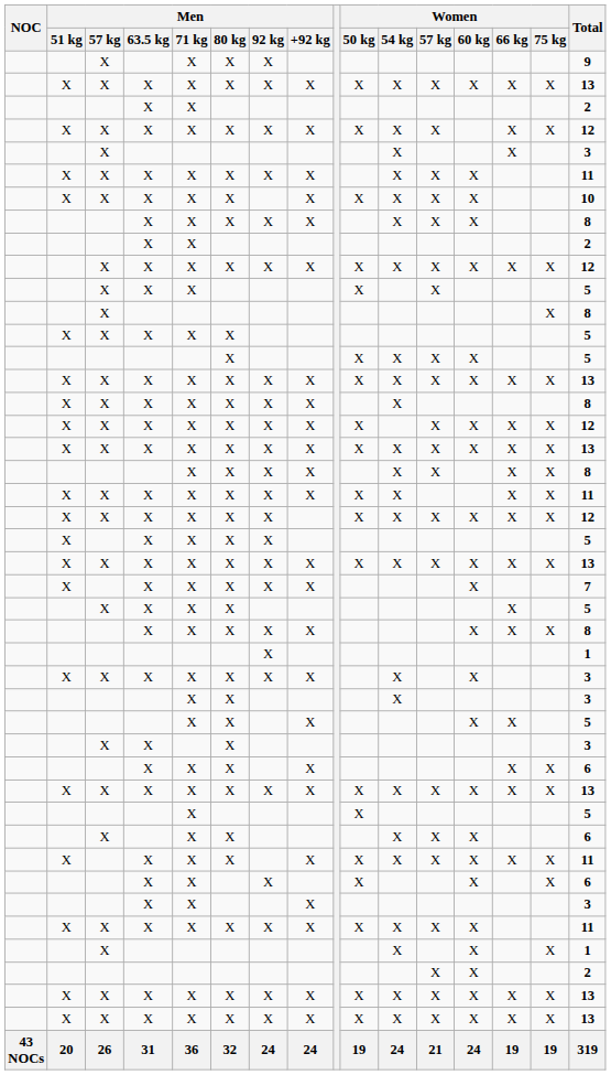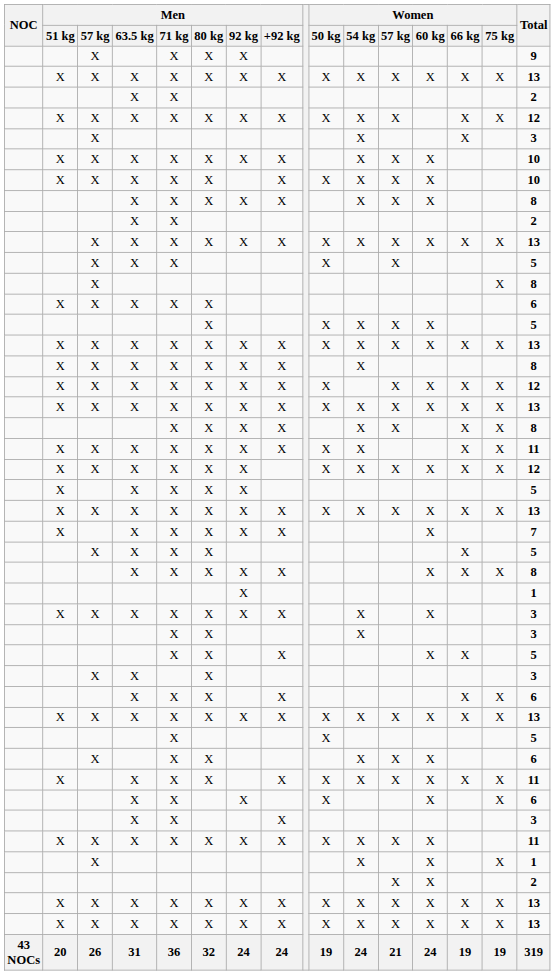 <table class="wikitable collapsible" style="text-align:center; font-size:90%">
 <tr>
 <th rowspan=2 width=170 align=left>NOC</th>
 <th colspan=7>Men</th>
 <th rowspan=46></th>
 <th colspan=6>Women</th>
 <th rowspan=2 width=40>Total</th>
 </tr>
 <tr>
 <th width=40>51 kg</th>
 <th width=40>57 kg</th>
 <th width=40>63.5 kg</th>
 <th width=40>71 kg</th>
 <th width=40>80 kg</th>
 <th width=40>92 kg</th>
 <th width=40>+92 kg</th>
 <th width=40>50 kg</th>
 <th width=40>54 kg</th>
 <th width=40>57 kg</th>
 <th width=40>60 kg</th>
 <th width=40>66 kg</th>
 <th width=40>75 kg</th>
 </tr>
 <tr>
 <td align=left></td>
 <td></td>
 <td>X</td>
 <td></td>
 <td>X</td>
 <td>X</td>
 <td>X</td>
 <td></td>
 <td></td>
 <td></td>
 <td></td>
 <td></td>
 <td></td>
 <td></td>
 <td><strong>9</strong></td>
 </tr>
 <tr>
 <td align=left></td>
 <td>X</td>
 <td>X</td>
 <td>X</td>
 <td>X</td>
 <td>X</td>
 <td>X</td>
 <td>X</td>
 <td>X</td>
 <td>X</td>
 <td>X</td>
 <td>X</td>
 <td>X</td>
 <td>X</td>
 <td><strong>13</strong></td>
 </tr>
 <tr>
 <td align=left></td>
 <td></td>
 <td></td>
 <td>X</td>
 <td>X</td>
 <td></td>
 <td></td>
 <td></td>
 <td></td>
 <td></td>
 <td></td>
 <td></td>
 <td></td>
 <td></td>
 <td><strong>2</strong></td>
 </tr>
 <tr>
 <td align=left></td>
 <td>X</td>
 <td>X</td>
 <td>X</td>
 <td>X</td>
 <td>X</td>
 <td>X</td>
 <td>X</td>
 <td>X</td>
 <td>X</td>
 <td>X</td>
 <td></td>
 <td>X</td>
 <td>X</td>
 <td><strong>12</strong></td>
 </tr>
 <tr>
 <td align=left></td>
 <td></td>
 <td>X</td>
 <td></td>
 <td></td>
 <td></td>
 <td></td>
 <td></td>
 <td></td>
 <td>X</td>
 <td></td>
 <td></td>
 <td>X</td>
 <td></td>
 <td><strong>3</strong></td>
 </tr>
 <tr>
 <td align=left></td>
 <td>X</td>
 <td>X</td>
 <td>X</td>
 <td>X</td>
 <td>X</td>
 <td>X</td>
 <td>X</td>
 <td></td>
 <td>X</td>
 <td>X</td>
 <td>X</td>
 <td></td>
 <td></td>
-<td><strong>11</strong></td>
+<td><strong>10</strong></td>
 </tr>
 <tr>
 <td align=left></td>
 <td>X</td>
 <td>X</td>
 <td>X</td>
 <td>X</td>
 <td>X</td>
 <td></td>
 <td>X</td>
 <td>X</td>
 <td>X</td>
 <td>X</td>
 <td>X</td>
 <td></td>
 <td></td>
 <td><strong>10</strong></td>
 </tr>
 <tr>
 <td align=left></td>
 <td></td>
 <td></td>
 <td>X</td>
 <td>X</td>
 <td>X</td>
 <td>X</td>
 <td>X</td>
 <td></td>
 <td>X</td>
 <td>X</td>
 <td>X</td>
 <td></td>
 <td></td>
 <td><strong>8</strong></td>
 </tr>
 <tr>
 <td align=left></td>
 <td></td>
 <td></td>
 <td>X</td>
 <td>X</td>
 <td></td>
 <td></td>
 <td></td>
 <td></td>
 <td></td>
 <td></td>
 <td></td>
 <td></td>
 <td></td>
 <td><strong>2</strong></td>
 </tr>
 <tr>
 <td align=left></td>
 <td></td>
 <td>X</td>
 <td>X</td>
 <td>X</td>
 <td>X</td>
 <td>X</td>
 <td>X</td>
 <td>X</td>
 <td>X</td>
 <td>X</td>
 <td>X</td>
 <td>X</td>
 <td>X</td>
-<td><strong>12</strong></td>
+<td><strong>13</strong></td>
 </tr>
 <tr>
 <td align=left></td>
 <td></td>
 <td>X</td>
 <td>X</td>
 <td>X</td>
 <td></td>
 <td></td>
 <td></td>
 <td>X</td>
 <td></td>
 <td>X</td>
 <td></td>
 <td></td>
 <td></td>
 <td><strong>5</strong></td>
 </tr>
 <tr>
 <td align=left></td>
 <td></td>
 <td>X</td>
 <td></td>
 <td></td>
 <td></td>
 <td></td>
 <td></td>
 <td></td>
 <td></td>
 <td></td>
 <td></td>
 <td></td>
 <td>X</td>
 <td><strong>8</strong></td>
 </tr>
 <tr>
 <td align=left></td>
 <td>X</td>
 <td>X</td>
 <td>X</td>
 <td>X</td>
 <td>X</td>
 <td></td>
 <td></td>
 <td></td>
 <td></td>
 <td></td>
 <td></td>
 <td></td>
 <td></td>
-<td><strong>5</strong></td>
+<td><strong>6</strong></td>
 </tr>
 <tr>
 <td align=left></td>
 <td></td>
 <td></td>
 <td></td>
 <td></td>
 <td>X</td>
 <td></td>
 <td></td>
 <td>X</td>
 <td>X</td>
 <td>X</td>
 <td>X</td>
 <td></td>
 <td></td>
 <td><strong>5</strong></td>
 </tr>
 <tr>
 <td align=left></td>
 <td>X</td>
 <td>X</td>
 <td>X</td>
 <td>X</td>
 <td>X</td>
 <td>X</td>
 <td>X</td>
 <td>X</td>
 <td>X</td>
 <td>X</td>
 <td>X</td>
 <td>X</td>
 <td>X</td>
 <td><strong>13</strong></td>
 </tr>
 <tr>
 <td align=left></td>
 <td>X</td>
 <td>X</td>
 <td>X</td>
 <td>X</td>
 <td>X</td>
 <td>X</td>
 <td>X</td>
 <td></td>
 <td>X</td>
 <td></td>
 <td></td>
 <td></td>
 <td></td>
 <td><strong>8</strong></td>
 </tr>
 <tr>
 <td align=left></td>
 <td>X</td>
 <td>X</td>
 <td>X</td>
 <td>X</td>
 <td>X</td>
 <td>X</td>
 <td>X</td>
 <td>X</td>
 <td></td>
 <td>X</td>
 <td>X</td>
 <td>X</td>
 <td>X</td>
 <td><strong>12</strong></td>
 </tr>
 <tr>
 <td align=left></td>
 <td>X</td>
 <td>X</td>
 <td>X</td>
 <td>X</td>
 <td>X</td>
 <td>X</td>
 <td>X</td>
 <td>X</td>
 <td>X</td>
 <td>X</td>
 <td>X</td>
 <td>X</td>
 <td>X</td>
 <td><strong>13</strong></td>
 </tr>
 <tr>
 <td align=left></td>
 <td></td>
 <td></td>
 <td></td>
 <td>X</td>
 <td>X</td>
 <td>X</td>
 <td>X</td>
 <td></td>
 <td>X</td>
 <td>X</td>
 <td></td>
 <td>X</td>
 <td>X</td>
 <td><strong>8</strong></td>
 </tr>
 <tr>
 <td align=left></td>
 <td>X</td>
 <td>X</td>
 <td>X</td>
 <td>X</td>
 <td>X</td>
 <td>X</td>
 <td>X</td>
 <td>X</td>
 <td>X</td>
 <td></td>
 <td></td>
 <td>X</td>
 <td>X</td>
 <td><strong>11</strong></td>
 </tr>
 <tr>
 <td align=left></td>
 <td>X</td>
 <td>X</td>
 <td>X</td>
 <td>X</td>
 <td>X</td>
 <td>X</td>
 <td></td>
 <td>X</td>
 <td>X</td>
 <td>X</td>
 <td>X</td>
 <td>X</td>
 <td>X</td>
 <td><strong>12</strong></td>
 </tr>
 <tr>
 <td align=left></td>
 <td>X</td>
 <td></td>
 <td>X</td>
 <td>X</td>
 <td>X</td>
 <td>X</td>
 <td></td>
 <td></td>
 <td></td>
 <td></td>
 <td></td>
 <td></td>
 <td></td>
 <td><strong>5</strong></td>
 </tr>
 <tr>
 <td align=left></td>
 <td>X</td>
 <td>X</td>
 <td>X</td>
 <td>X</td>
 <td>X</td>
 <td>X</td>
 <td>X</td>
 <td>X</td>
 <td>X</td>
 <td>X</td>
 <td>X</td>
 <td>X</td>
 <td>X</td>
 <td><strong>13</strong></td>
 </tr>
 <tr>
 <td align=left></td>
 <td>X</td>
 <td></td>
 <td>X</td>
 <td>X</td>
 <td>X</td>
 <td>X</td>
 <td>X</td>
 <td></td>
 <td></td>
 <td></td>
 <td>X</td>
 <td></td>
 <td></td>
 <td><strong>7</strong></td>
 </tr>
 <tr>
 <td align=left></td>
 <td></td>
 <td>X</td>
 <td>X</td>
 <td>X</td>
 <td>X</td>
 <td></td>
 <td></td>
 <td></td>
 <td></td>
 <td></td>
 <td></td>
 <td>X</td>
 <td></td>
 <td><strong>5</strong></td>
 </tr>
 <tr>
 <td align=left></td>
 <td></td>
 <td></td>
 <td>X</td>
 <td>X</td>
 <td>X</td>
 <td>X</td>
 <td>X</td>
 <td></td>
 <td></td>
 <td></td>
 <td>X</td>
 <td>X</td>
 <td>X</td>
 <td><strong>8</strong></td>
 </tr>
 <tr>
 <td align=left></td>
 <td></td>
 <td></td>
 <td></td>
 <td></td>
 <td></td>
 <td>X</td>
 <td></td>
 <td></td>
 <td></td>
 <td></td>
 <td></td>
 <td></td>
 <td></td>
 <td><strong>1</strong></td>
 </tr>
 <tr>
 <td align=left></td>
 <td>X</td>
 <td>X</td>
 <td>X</td>
 <td>X</td>
 <td>X</td>
 <td>X</td>
 <td>X</td>
 <td></td>
 <td>X</td>
 <td></td>
 <td>X</td>
 <td></td>
 <td></td>
 <td><strong>3</strong></td>
 </tr>
 <tr>
 <td align=left></td>
 <td></td>
 <td></td>
 <td></td>
 <td>X</td>
 <td>X</td>
 <td></td>
 <td></td>
 <td></td>
 <td>X</td>
 <td></td>
 <td></td>
 <td></td>
 <td></td>
 <td><strong>3</strong></td>
 </tr>
 <tr>
 <td align=left></td>
 <td></td>
 <td></td>
 <td></td>
 <td>X</td>
 <td>X</td>
 <td></td>
 <td>X</td>
 <td></td>
 <td></td>
 <td></td>
 <td>X</td>
 <td>X</td>
 <td></td>
 <td><strong>5</strong></td>
 </tr>
 <tr>
 <td align=left></td>
 <td></td>
 <td>X</td>
 <td>X</td>
 <td></td>
 <td>X</td>
 <td></td>
 <td></td>
 <td></td>
 <td></td>
 <td></td>
 <td></td>
 <td></td>
 <td></td>
 <td><strong>3</strong></td>
 </tr>
 <tr>
 <td align=left></td>
 <td></td>
 <td></td>
 <td>X</td>
 <td>X</td>
 <td>X</td>
 <td></td>
 <td>X</td>
 <td></td>
 <td></td>
 <td></td>
 <td></td>
 <td>X</td>
 <td>X</td>
 <td><strong>6</strong></td>
 </tr>
 <tr>
 <td align=left></td>
 <td>X</td>
 <td>X</td>
 <td>X</td>
 <td>X</td>
 <td>X</td>
 <td>X</td>
 <td>X</td>
 <td>X</td>
 <td>X</td>
 <td>X</td>
 <td>X</td>
 <td>X</td>
 <td>X</td>
 <td><strong>13</strong></td>
 </tr>
 <tr>
 <td align=left></td>
 <td></td>
 <td></td>
 <td></td>
 <td>X</td>
 <td></td>
 <td></td>
 <td></td>
 <td>X</td>
 <td></td>
 <td></td>
 <td></td>
 <td></td>
 <td></td>
 <td><strong>5</strong></td>
 </tr>
 <tr>
 <td align=left></td>
 <td></td>
 <td>X</td>
 <td></td>
 <td>X</td>
 <td>X</td>
 <td></td>
 <td></td>
 <td></td>
 <td>X</td>
 <td>X</td>
 <td>X</td>
 <td></td>
 <td></td>
 <td><strong>6</strong></td>
 </tr>
 <tr>
 <td align=left></td>
 <td>X</td>
 <td></td>
 <td>X</td>
 <td>X</td>
 <td>X</td>
 <td></td>
 <td>X</td>
 <td>X</td>
 <td>X</td>
 <td>X</td>
 <td>X</td>
 <td>X</td>
 <td>X</td>
 <td><strong>11</strong></td>
 </tr>
 <tr>
 <td align=left></td>
 <td></td>
 <td></td>
 <td>X</td>
 <td>X</td>
 <td></td>
 <td>X</td>
 <td></td>
 <td>X</td>
 <td></td>
 <td></td>
 <td>X</td>
 <td></td>
 <td>X</td>
 <td><strong>6</strong></td>
 </tr>
 <tr>
 <td align=left></td>
 <td></td>
 <td></td>
 <td>X</td>
 <td>X</td>
 <td></td>
 <td></td>
 <td>X</td>
 <td></td>
 <td></td>
 <td></td>
 <td></td>
 <td></td>
 <td></td>
 <td><strong>3</strong></td>
 </tr>
 <tr>
 <td align=left></td>
 <td>X</td>
 <td>X</td>
 <td>X</td>
 <td>X</td>
 <td>X</td>
 <td>X</td>
 <td>X</td>
 <td>X</td>
 <td>X</td>
 <td>X</td>
 <td>X</td>
 <td></td>
 <td></td>
 <td><strong>11</strong></td>
 </tr>
 <tr>
 <td align=left></td>
 <td></td>
 <td>X</td>
 <td></td>
 <td></td>
 <td></td>
 <td></td>
 <td></td>
 <td></td>
 <td>X</td>
 <td></td>
 <td>X</td>
 <td></td>
 <td>X</td>
 <td><strong>1</strong></td>
 </tr>
 <tr>
 <td align=left></td>
 <td></td>
 <td></td>
 <td></td>
 <td></td>
 <td></td>
 <td></td>
 <td></td>
 <td></td>
 <td></td>
 <td>X</td>
 <td>X</td>
 <td></td>
 <td></td>
 <td><strong>2</strong></td>
 </tr>
 <tr>
 <td align=left></td>
 <td>X</td>
 <td>X</td>
 <td>X</td>
 <td>X</td>
 <td>X</td>
 <td>X</td>
 <td>X</td>
 <td>X</td>
 <td>X</td>
 <td>X</td>
 <td>X</td>
 <td>X</td>
 <td>X</td>
 <td><strong>13</strong></td>
 </tr>
 <tr>
 <td align=left></td>
 <td>X</td>
 <td>X</td>
 <td>X</td>
 <td>X</td>
 <td>X</td>
 <td>X</td>
 <td>X</td>
 <td>X</td>
 <td>X</td>
 <td>X</td>
 <td>X</td>
 <td>X</td>
 <td>X</td>
 <td><strong>13</strong></td>
 </tr>
 <tr>
 <th>43 NOCs</th>
 <th>20</th>
 <th>26</th>
 <th>31</th>
 <th>36</th>
 <th>32</th>
 <th>24</th>
 <th>24</th>
 <th>19</th>
 <th>24</th>
 <th>21</th>
 <th>24</th>
 <th>19</th>
 <th>19</th>
 <th>319</th>
 </tr>
 </table>
